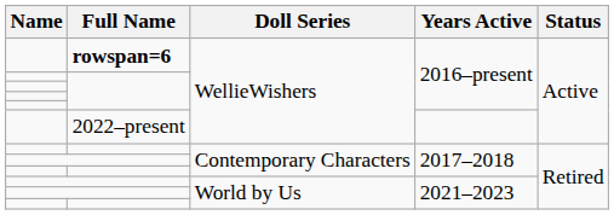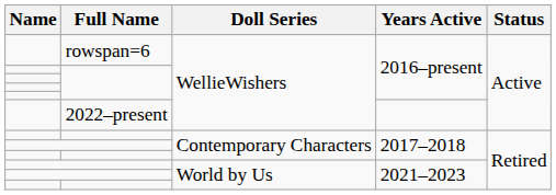 <table class="wikitable sortable">
 <tr>
 <th scope="col">Name</th>
 <th scope="col">Full Name</th>
 <th scope="col">Doll Series</th>
 <th scope="col">Years Active</th>
 <th scope="col">Status</th>
 </tr>
 <tr>
 <td><strong></strong></td>
-<td><strong>rowspan=6 </strong></td>
+<td>rowspan=6 </td>
 <td rowspan=6>WellieWishers</td>
 <td rowspan=5>2016–present</td>
 <td rowspan=6>Active</td>
 </tr>
 <tr>
 <td><strong></strong></td>
 </tr>
 <tr>
 <td><strong></strong></td>
 </tr>
 <tr>
 <td><strong></strong></td>
 </tr>
 <tr>
 <td><strong></strong></td>
 </tr>
 <tr>
 <td><strong></strong></td>
 <td>2022–present</td>
 </tr>
 <tr>
 <td><strong></strong></td>
 <td></td>
 <td rowspan=3>Contemporary Characters</td>
 <td rowspan=3>2017–2018</td>
 <td rowspan=6>Retired</td>
 </tr>
 <tr>
 <td colspan=2><strong></strong></td>
 </tr>
 <tr>
 <td><strong></strong></td>
 <td></td>
 </tr>
 <tr>
 <td colspan=2><strong></strong></td>
 <td rowspan=3>World by Us</td>
 <td rowspan=3>2021–2023</td>
 </tr>
 <tr>
 <td colspan=2><strong></strong></td>
 </tr>
 <tr>
 <td><strong></strong></td>
 <td></td>
 </tr>
 </table>
